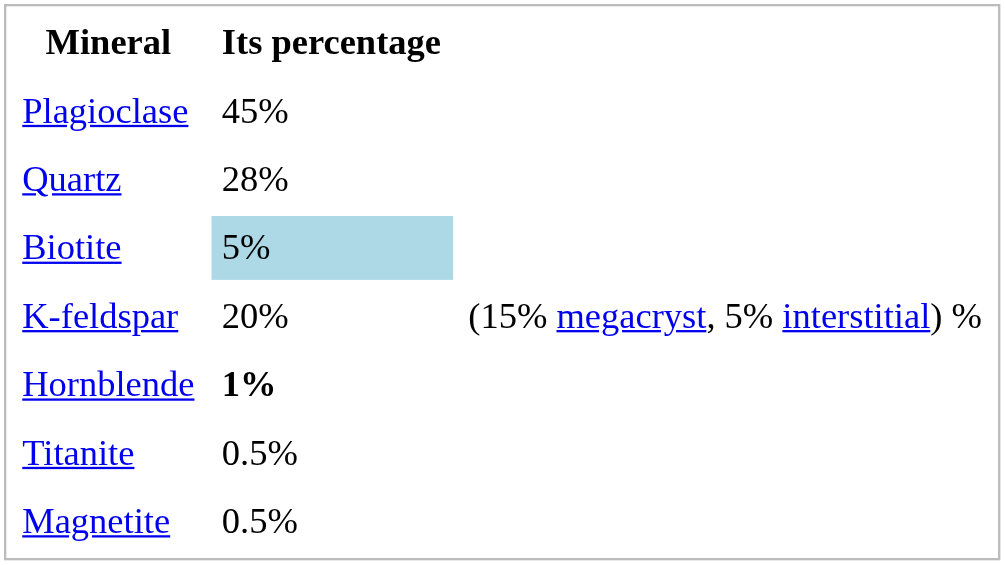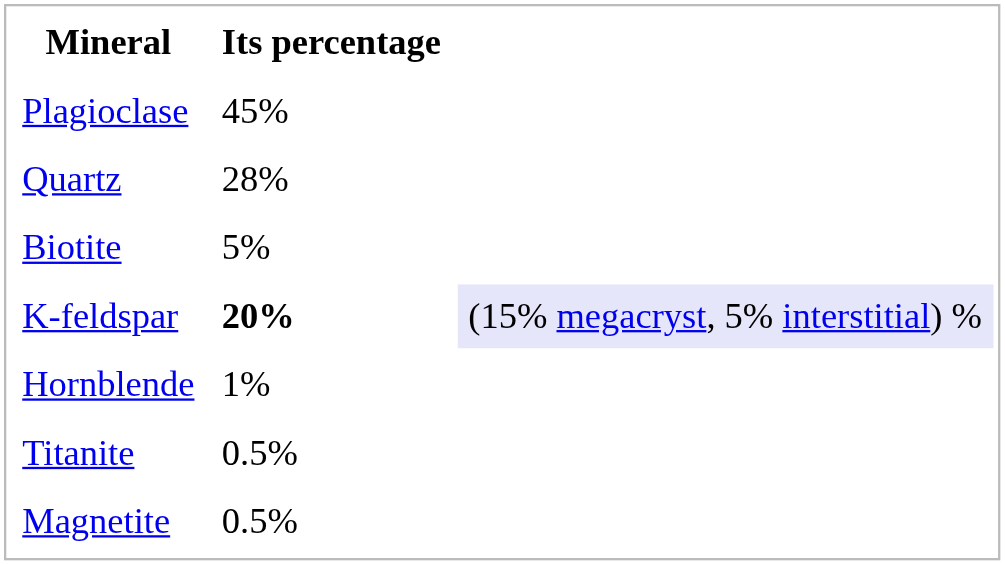 <table cellpadding=5 style="border:1px solid #BBB">
 <tr>
 <th>Mineral</th>
 <th>Its percentage</th>
 </tr>
 <tr>
 <td><a href='#'>Plagioclase</a></td>
 <td>45%</td>
 </tr>
 <tr>
 <td><a href='#'>Quartz</a></td>
 <td>28%</td>
 </tr>
 <tr>
 <td><a href='#'>Biotite</a></td>
-<td style="background: lightblue;">5%</td>
+<td>5%</td>
 </tr>
 <tr>
 <td><a href='#'>K-feldspar</a></td>
-<td>20%</td>
-<td>(15% <a href='#'>megacryst</a>, 5% <a href='#'>interstitial</a>) %</td>
+<td><strong>20%</strong></td>
+<td style="background: lavender;">(15% <a href='#'>megacryst</a>, 5% <a href='#'>interstitial</a>) %</td>
 </tr>
 <tr>
 <td><a href='#'>Hornblende</a></td>
-<td><strong>1%</strong></td>
+<td>1%</td>
 </tr>
 <tr>
 <td><a href='#'>Titanite</a></td>
 <td>0.5%</td>
 </tr>
 <tr>
 <td><a href='#'>Magnetite</a></td>
 <td>0.5%</td>
 </tr>
 </table>
